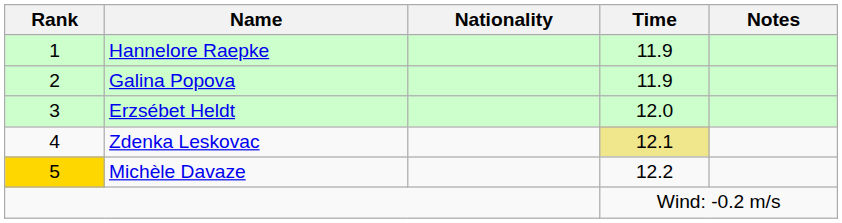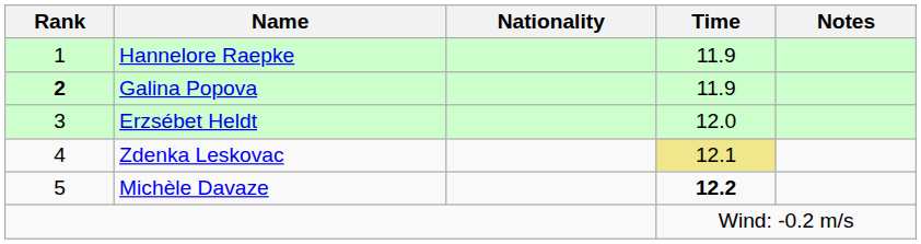 <table class="wikitable sortable" style="text-align:center;width: 55%">
 <tr>
 <th>Rank</th>
 <th>Name</th>
 <th>Nationality</th>
 <th>Time</th>
 <th>Notes</th>
 </tr>
 <tr bgcolor=ccffcc>
 <td>1</td>
 <td align=left><a href='#'>Hannelore Raepke</a></td>
 <td align=left></td>
 <td>11.9</td>
 <td></td>
 </tr>
 <tr bgcolor=ccffcc>
-<td>2</td>
+<td><strong>2</strong></td>
 <td align=left><a href='#'>Galina Popova</a></td>
 <td align=left></td>
 <td>11.9</td>
 <td></td>
 </tr>
 <tr bgcolor=ccffcc>
 <td>3</td>
 <td align=left><a href='#'>Erzsébet Heldt</a></td>
 <td align=left></td>
 <td>12.0</td>
 <td></td>
 </tr>
 <tr>
 <td>4</td>
 <td align=left><a href='#'>Zdenka Leskovac</a></td>
 <td align=left></td>
 <td style="background: khaki;">12.1</td>
 <td></td>
 </tr>
 <tr>
-<td style="background: gold;">5</td>
+<td>5</td>
 <td align=left><a href='#'>Michèle Davaze</a></td>
 <td align=left></td>
-<td>12.2</td>
+<td><strong>12.2</strong></td>
 <td></td>
 </tr>
 <tr>
 <td colspan="3"></td>
 <td colspan="2">Wind: -0.2 m/s</td>
 </tr>
 </table>
